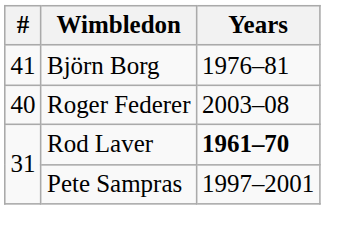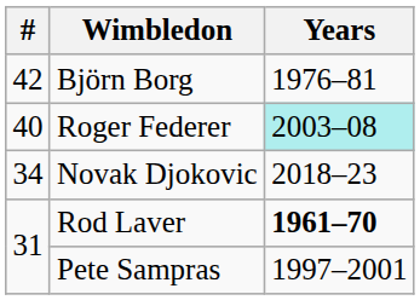 <table class=wikitable style="display:inline-table;">
 <tr>
 <th>#</th>
 <th>Wimbledon</th>
 <th>Years</th>
 </tr>
 <tr>
-<td>41</td>
+<td>42</td>
 <td> Björn Borg</td>
 <td>1976–81</td>
 </tr>
 <tr>
 <td>40</td>
 <td> Roger Federer</td>
-<td>2003–08</td>
+<td style="background: paleturquoise;">2003–08</td>
+</tr>
+<tr>
+<td>34</td>
+<td> Novak Djokovic</td>
+<td>2018–23</td>
 </tr>
 <tr>
 <td rowspan="2">31</td>
 <td> Rod Laver</td>
 <td><strong>1961–70</strong></td>
 </tr>
 <tr>
 <td> Pete Sampras</td>
 <td>1997–2001</td>
 </tr>
 </table>
